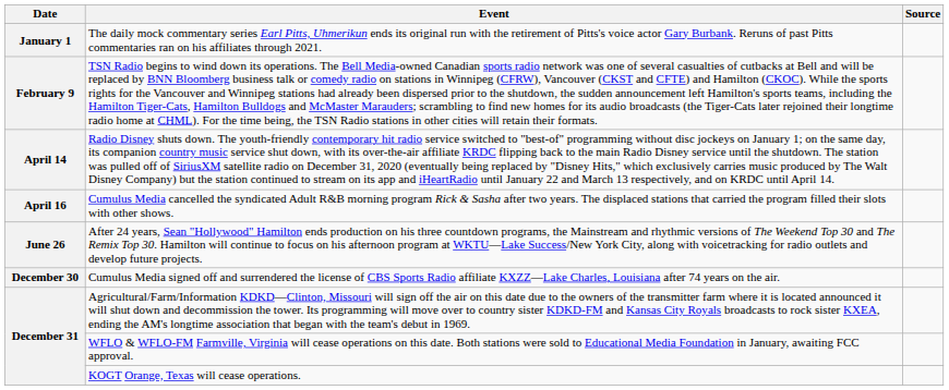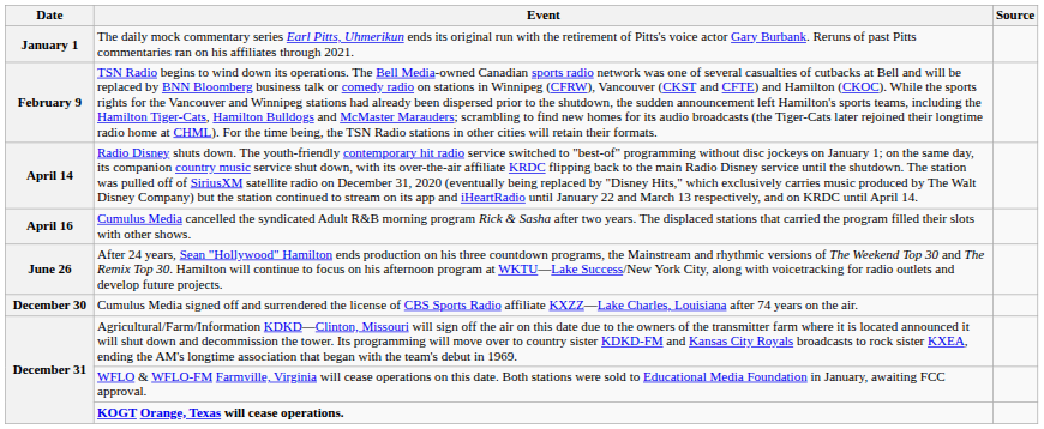 <table class="wikitable">
 <tr>
 <th width=100>Date</th>
 <th>Event</th>
 <th>Source</th>
 </tr>
 <tr>
 <th>January 1</th>
 <td>The daily mock commentary series <em><a href='#'>Earl Pitts, Uhmerikun</a></em> ends its original run with the retirement of Pitts's voice actor <a href='#'>Gary Burbank</a>. Reruns of past Pitts commentaries ran on his affiliates through 2021.</td>
 <td></td>
 </tr>
 <tr>
 <th>February 9</th>
 <td><a href='#'>TSN Radio</a> begins to wind down its operations. The <a href='#'>Bell Media</a>-owned Canadian <a href='#'>sports radio</a> network was one of several casualties of cutbacks at Bell and will be replaced by <a href='#'>BNN Bloomberg</a> business talk or <a href='#'>comedy radio</a> on stations in Winnipeg (<a href='#'>CFRW</a>), Vancouver (<a href='#'>CKST</a> and <a href='#'>CFTE</a>) and Hamilton (<a href='#'>CKOC</a>). While the sports rights for the Vancouver and Winnipeg stations had already been dispersed prior to the shutdown, the sudden announcement left Hamilton's sports teams, including the <a href='#'>Hamilton Tiger-Cats</a>, <a href='#'>Hamilton Bulldogs</a> and <a href='#'>McMaster Marauders</a>; scrambling to find new homes for its audio broadcasts (the Tiger-Cats later rejoined their longtime radio home at <a href='#'>CHML</a>). For the time being, the TSN Radio stations in other cities will retain their formats.</td>
 <td></td>
 </tr>
 <tr>
 <th>April 14</th>
 <td><a href='#'>Radio Disney</a> shuts down. The youth-friendly <a href='#'>contemporary hit radio</a> service switched to "best-of" programming without disc jockeys on January 1; on the same day, its companion <a href='#'>country music</a> service shut down, with its over-the-air affiliate <a href='#'>KRDC</a> flipping back to the main Radio Disney service until the shutdown. The station was pulled off of <a href='#'>SiriusXM</a> satellite radio on December 31, 2020 (eventually being replaced by "Disney Hits," which exclusively carries music produced by The Walt Disney Company) but the station continued to stream on its app and <a href='#'>iHeartRadio</a> until January 22 and March 13 respectively, and on KRDC until April 14.</td>
 <td></td>
 </tr>
 <tr>
 <th>April 16</th>
 <td><a href='#'>Cumulus Media</a> cancelled the syndicated Adult R&B morning program <em>Rick & Sasha</em> after two years. The displaced stations that carried the program filled their slots with other shows.</td>
 <td></td>
 </tr>
 <tr>
 <th>June 26</th>
 <td>After 24 years, <a href='#'>Sean "Hollywood" Hamilton</a> ends production on his three countdown programs, the Mainstream and rhythmic versions of <em>The Weekend Top 30</em> and <em>The Remix Top 30</em>. Hamilton will continue to focus on his afternoon program at <a href='#'>WKTU</a>—<a href='#'>Lake Success</a>/New York City, along with voicetracking for radio outlets and develop future projects.</td>
 <td></td>
 </tr>
 <tr>
 <th>December 30</th>
 <td>Cumulus Media signed off and surrendered the license of <a href='#'>CBS Sports Radio</a> affiliate <a href='#'>KXZZ</a>—<a href='#'>Lake Charles, Louisiana</a> after 74 years on the air.</td>
 <td></td>
 </tr>
 <tr>
 <th rowspan=3>December 31</th>
 <td>Agricultural/Farm/Information <a href='#'>KDKD</a>—<a href='#'>Clinton, Missouri</a> will sign off the air on this date due to the owners of the transmitter farm where it is located announced it will shut down and decommission the tower. Its programming will move over to country sister <a href='#'>KDKD-FM</a> and <a href='#'>Kansas City Royals</a> broadcasts to rock sister <a href='#'>KXEA</a>, ending the AM's longtime association that began with the team's debut in 1969.</td>
 <td></td>
 </tr>
 <tr>
 <td><a href='#'>WFLO</a> & <a href='#'>WFLO-FM</a> <a href='#'>Farmville, Virginia</a> will cease operations on this date. Both stations were sold to <a href='#'>Educational Media Foundation</a> in January, awaiting FCC approval.</td>
 <td></td>
 </tr>
 <tr>
-<td><a href='#'>KOGT</a> <a href='#'>Orange, Texas</a> will cease operations.</td>
+<td><strong><a href='#'>KOGT</a> <a href='#'>Orange, Texas</a> will cease operations.</strong></td>
 <td></td>
 </tr>
 </table>
